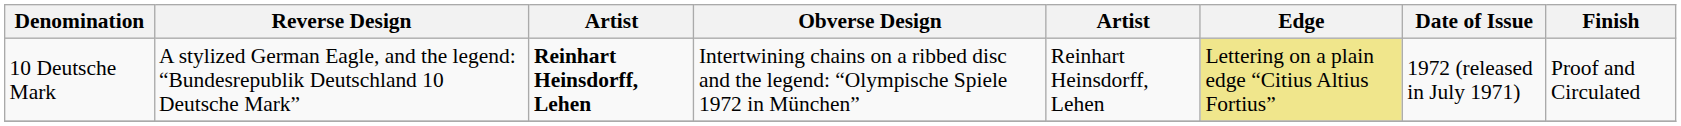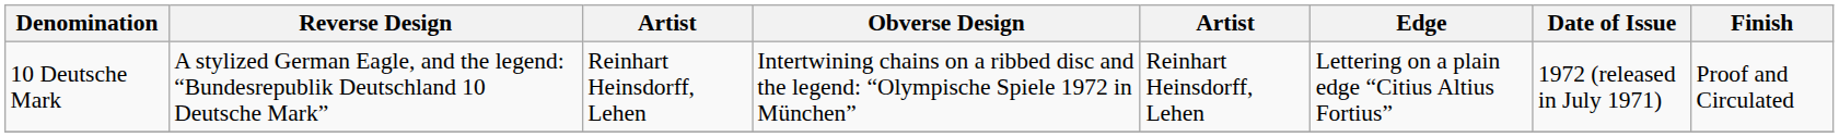 <table class="wikitable">
 <tr>
 <th>Denomination</th>
 <th>Reverse Design</th>
 <th>Artist</th>
 <th>Obverse Design</th>
 <th>Artist</th>
 <th>Edge</th>
 <th>Date of Issue</th>
 <th>Finish</th>
 </tr>
 <tr>
 <td>10 Deutsche Mark</td>
 <td>A stylized German Eagle, and the legend: “Bundesrepublik Deutschland 10 Deutsche Mark”</td>
-<td><strong>Reinhart Heinsdorff, Lehen</strong></td>
+<td>Reinhart Heinsdorff, Lehen</td>
 <td>Intertwining chains on a ribbed disc and the legend: “Olympische Spiele 1972 in München”</td>
 <td>Reinhart Heinsdorff, Lehen</td>
-<td style="background: khaki;">Lettering on a plain edge “Citius Altius Fortius”</td>
+<td>Lettering on a plain edge “Citius Altius Fortius”</td>
 <td>1972 (released in July 1971)</td>
 <td>Proof and Circulated</td>
 </tr>
 <tr>
 </tr>
 </table>
